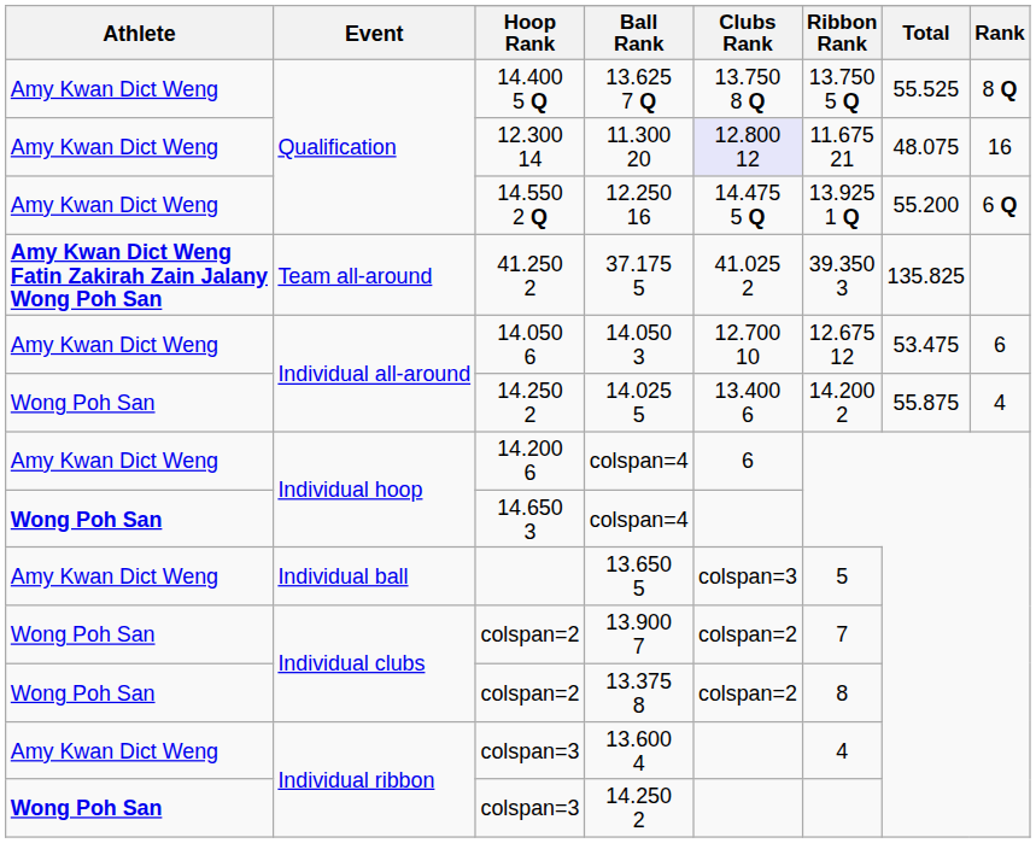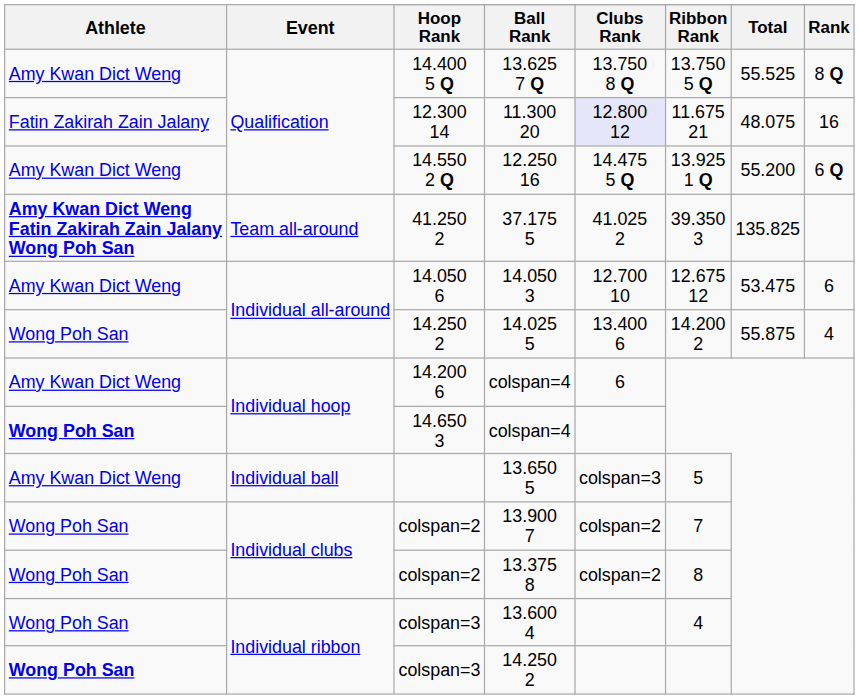 <table class=wikitable style="font-size:90%">
 <tr>
 <th rowspan=2>Athlete</th>
 <th rowspan=2>Event</th>
 </tr>
 <tr style="font-size:95%">
 <th>Hoop<br>Rank</th>
 <th>Ball<br>Rank</th>
 <th>Clubs<br>Rank</th>
 <th>Ribbon<br>Rank</th>
 <th>Total</th>
 <th>Rank</th>
 </tr>
 <tr align=center>
 <td align=left><a href='#'>Amy Kwan Dict Weng</a></td>
 <td align=left rowspan=3><a href='#'>Qualification</a></td>
 <td>14.400<br>5 <strong>Q</strong></td>
 <td>13.625<br>7 <strong>Q</strong></td>
 <td>13.750<br>8 <strong>Q</strong></td>
 <td>13.750<br>5 <strong>Q</strong></td>
 <td>55.525</td>
 <td>8 <strong>Q</strong></td>
 </tr>
 <tr align=center>
-<td align=left><a href='#'>Amy Kwan Dict Weng</a></td>
+<td align=left><a href='#'>Fatin Zakirah Zain Jalany</a></td>
 <td>12.300<br>14</td>
 <td>11.300<br>20</td>
 <td style="background: lavender;">12.800<br>12</td>
 <td>11.675<br>21</td>
 <td>48.075</td>
 <td>16</td>
 </tr>
 <tr align=center>
 <td align=left><a href='#'>Amy Kwan Dict Weng</a></td>
 <td>14.550<br>2 <strong>Q</strong></td>
 <td>12.250<br>16</td>
 <td>14.475<br>5 <strong>Q</strong></td>
 <td>13.925<br>1 <strong>Q</strong></td>
 <td>55.200</td>
 <td>6 <strong>Q</strong></td>
 </tr>
 <tr align=center>
 <td align=left><strong><a href='#'>Amy Kwan Dict Weng</a><br><a href='#'>Fatin Zakirah Zain Jalany</a><br><a href='#'>Wong Poh San</a></strong></td>
 <td align=left><a href='#'>Team all-around</a></td>
 <td>41.250<br>2</td>
 <td>37.175<br>5</td>
 <td>41.025<br>2</td>
 <td>39.350<br>3</td>
 <td>135.825</td>
 <td></td>
 </tr>
 <tr align=center>
 <td align=left><a href='#'>Amy Kwan Dict Weng</a></td>
 <td align=left rowspan=2><a href='#'>Individual all-around</a></td>
 <td>14.050<br>6</td>
 <td>14.050<br>3</td>
 <td>12.700<br>10</td>
 <td>12.675<br>12</td>
 <td>53.475</td>
 <td>6</td>
 </tr>
 <tr align=center>
 <td align=left><a href='#'>Wong Poh San</a></td>
 <td>14.250<br>2</td>
 <td>14.025<br>5</td>
 <td>13.400<br>6</td>
 <td>14.200<br>2</td>
 <td>55.875</td>
 <td>4</td>
 </tr>
 <tr align=center>
 <td align=left><a href='#'>Amy Kwan Dict Weng</a></td>
 <td align=left rowspan=2><a href='#'>Individual hoop</a></td>
 <td>14.200<br>6</td>
 <td>colspan=4 </td>
 <td>6</td>
 </tr>
 <tr align=center>
 <td align=left><strong><a href='#'>Wong Poh San</a></strong></td>
 <td>14.650<br>3</td>
 <td>colspan=4 </td>
 <td></td>
 </tr>
 <tr align=center>
 <td align=left><a href='#'>Amy Kwan Dict Weng</a></td>
 <td align=left><a href='#'>Individual ball</a></td>
 <td></td>
 <td>13.650<br>5</td>
 <td>colspan=3 </td>
 <td>5</td>
 </tr>
 <tr align=center>
 <td align=left><a href='#'>Wong Poh San</a></td>
 <td align=left rowspan=2><a href='#'>Individual clubs</a></td>
 <td>colspan=2 </td>
 <td>13.900<br>7</td>
 <td>colspan=2 </td>
 <td>7</td>
 </tr>
 <tr align=center>
 <td align=left><a href='#'>Wong Poh San</a></td>
 <td>colspan=2 </td>
 <td>13.375<br>8</td>
 <td>colspan=2 </td>
 <td>8</td>
 </tr>
 <tr align=center>
-<td align=left><a href='#'>Amy Kwan Dict Weng</a></td>
+<td align=left><a href='#'>Wong Poh San</a></td>
 <td align=left rowspan=2><a href='#'>Individual ribbon</a></td>
 <td>colspan=3 </td>
 <td>13.600<br>4</td>
 <td></td>
 <td>4</td>
 </tr>
 <tr align=center>
 <td align=left><strong><a href='#'>Wong Poh San</a></strong></td>
 <td>colspan=3 </td>
 <td>14.250<br>2</td>
 <td></td>
 <td></td>
 </tr>
 </table>
